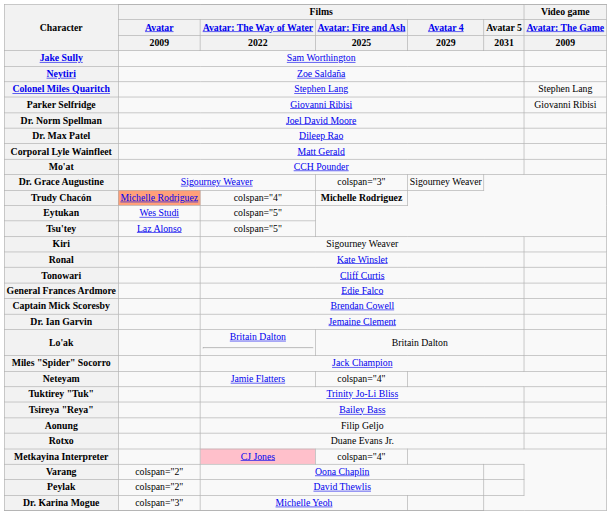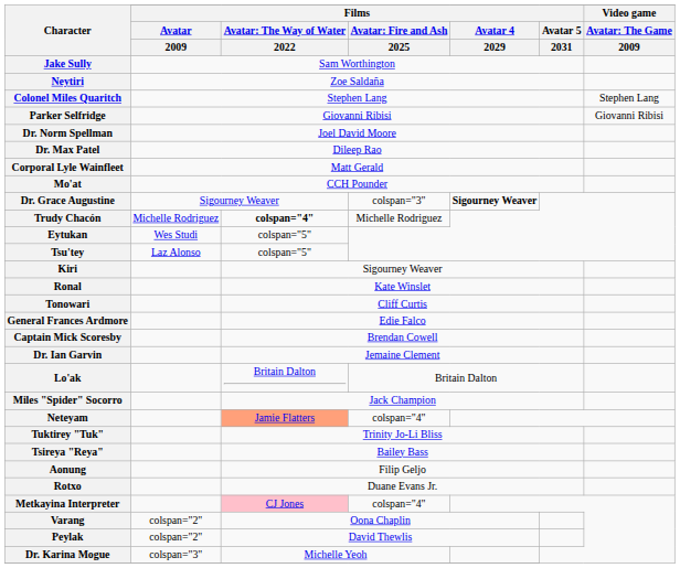 <table class="wikitable plainrowheaders" style="text-align:center;">
 <tr>
 <th rowspan="4">Character</th>
 </tr>
 <tr>
 <th colspan="5">Films</th>
 <th>Video game</th>
 </tr>
 <tr>
 <th><a href='#'>Avatar</a></th>
 <th><a href='#'>Avatar: The Way of Water</a></th>
 <th><a href='#'>Avatar: Fire and Ash</a></th>
 <th><a href='#'>Avatar 4</a></th>
 <th>Avatar 5</th>
 <th><a href='#'>Avatar: The Game</a></th>
 </tr>
 <tr>
 <th>2009</th>
 <th>2022</th>
 <th>2025</th>
 <th>2029</th>
 <th>2031</th>
 <th>2009</th>
 </tr>
 <tr>
 <th><a href='#'>Jake Sully</a></th>
 <td colspan="5"><a href='#'>Sam Worthington</a></td>
 <td></td>
 </tr>
 <tr>
 <th><a href='#'>Neytiri</a></th>
 <td colspan="5"><a href='#'>Zoe Saldaña</a></td>
 <td></td>
 </tr>
 <tr>
 <th><a href='#'>Colonel Miles Quaritch</a></th>
 <td colspan="5"><a href='#'>Stephen Lang</a></td>
 <td>Stephen Lang</td>
 </tr>
 <tr>
 <th>Parker Selfridge</th>
 <td colspan="5"><a href='#'>Giovanni Ribisi</a></td>
 <td>Giovanni Ribisi</td>
 </tr>
 <tr>
 <th>Dr. Norm Spellman</th>
 <td colspan="5"><a href='#'>Joel David Moore</a></td>
 <td></td>
 </tr>
 <tr>
 <th>Dr. Max Patel</th>
 <td colspan="5"><a href='#'>Dileep Rao</a></td>
 <td></td>
 </tr>
 <tr>
 <th>Corporal Lyle Wainfleet</th>
 <td colspan="5"><a href='#'>Matt Gerald</a></td>
 <td></td>
 </tr>
 <tr>
 <th>Mo'at</th>
 <td colspan="5"><a href='#'>CCH Pounder</a></td>
 <td></td>
 </tr>
 <tr>
 <th>Dr. Grace Augustine</th>
 <td colspan="2"><a href='#'>Sigourney Weaver</a></td>
 <td>colspan="3" </td>
-<td>Sigourney Weaver</td>
+<td><strong>Sigourney Weaver</strong></td>
 </tr>
 <tr>
 <th>Trudy Chacón</th>
-<td style="background: lightsalmon;"><a href='#'>Michelle Rodriguez</a></td>
-<td>colspan="4" </td>
-<td><strong>Michelle Rodriguez</strong></td>
+<td><a href='#'>Michelle Rodriguez</a></td>
+<td><strong>colspan="4" </strong></td>
+<td>Michelle Rodriguez</td>
 </tr>
 <tr>
 <th>Eytukan</th>
 <td><a href='#'>Wes Studi</a></td>
 <td>colspan="5" </td>
 </tr>
 <tr>
 <th>Tsu'tey</th>
 <td><a href='#'>Laz Alonso</a></td>
 <td>colspan="5" </td>
 </tr>
 <tr>
 <th>Kiri</th>
 <td></td>
 <td colspan="4">Sigourney Weaver</td>
 <td></td>
 </tr>
 <tr>
 <th>Ronal</th>
 <td></td>
 <td colspan="4"><a href='#'>Kate Winslet</a></td>
 <td></td>
 </tr>
 <tr>
 <th>Tonowari</th>
 <td></td>
 <td colspan="4"><a href='#'>Cliff Curtis</a></td>
 <td></td>
 </tr>
 <tr>
 <th>General Frances Ardmore</th>
 <td></td>
 <td colspan="4"><a href='#'>Edie Falco</a></td>
 <td></td>
 </tr>
 <tr>
 <th>Captain Mick Scoresby</th>
 <td></td>
 <td colspan="4"><a href='#'>Brendan Cowell</a></td>
 <td></td>
 </tr>
 <tr>
 <th>Dr. Ian Garvin</th>
 <td></td>
 <td colspan="4"><a href='#'>Jemaine Clement</a></td>
 <td></td>
 </tr>
 <tr>
 <th>Lo'ak</th>
 <td></td>
 <td><a href='#'>Britain Dalton</a><hr></td>
 <td colspan="3">Britain Dalton</td>
 <td></td>
 </tr>
 <tr>
 <th>Miles "Spider" Socorro</th>
 <td></td>
 <td colspan="4"><a href='#'>Jack Champion</a></td>
 <td></td>
 </tr>
 <tr>
 <th>Neteyam</th>
 <td></td>
-<td><a href='#'>Jamie Flatters</a></td>
+<td style="background: lightsalmon;"><a href='#'>Jamie Flatters</a></td>
 <td>colspan="4" </td>
 </tr>
 <tr>
 <th>Tuktirey "Tuk"</th>
 <td></td>
 <td colspan="4"><a href='#'>Trinity Jo-Li Bliss</a></td>
 <td></td>
 </tr>
 <tr>
 <th>Tsireya "Reya"</th>
 <td></td>
 <td colspan="4"><a href='#'>Bailey Bass</a></td>
 <td></td>
 </tr>
 <tr>
 <th>Aonung</th>
 <td></td>
 <td colspan="4">Filip Geljo</td>
 <td></td>
 </tr>
 <tr>
 <th>Rotxo</th>
 <td></td>
 <td colspan="4">Duane Evans Jr.</td>
 <td></td>
 </tr>
 <tr>
 <th>Metkayina Interpreter</th>
 <td></td>
 <td style="background: pink;"><a href='#'>CJ Jones</a></td>
 <td>colspan="4" </td>
 </tr>
 <tr>
 <th>Varang</th>
 <td>colspan="2" </td>
 <td colspan="3"><a href='#'>Oona Chaplin</a></td>
 <td></td>
 </tr>
 <tr>
 <th>Peylak</th>
 <td>colspan="2" </td>
 <td colspan="3"><a href='#'>David Thewlis</a></td>
 <td></td>
 </tr>
 <tr>
 <th>Dr. Karina Mogue</th>
 <td>colspan="3" </td>
 <td colspan="2"><a href='#'>Michelle Yeoh</a></td>
 <td></td>
 </tr>
 <tr>
 </tr>
 </table>
